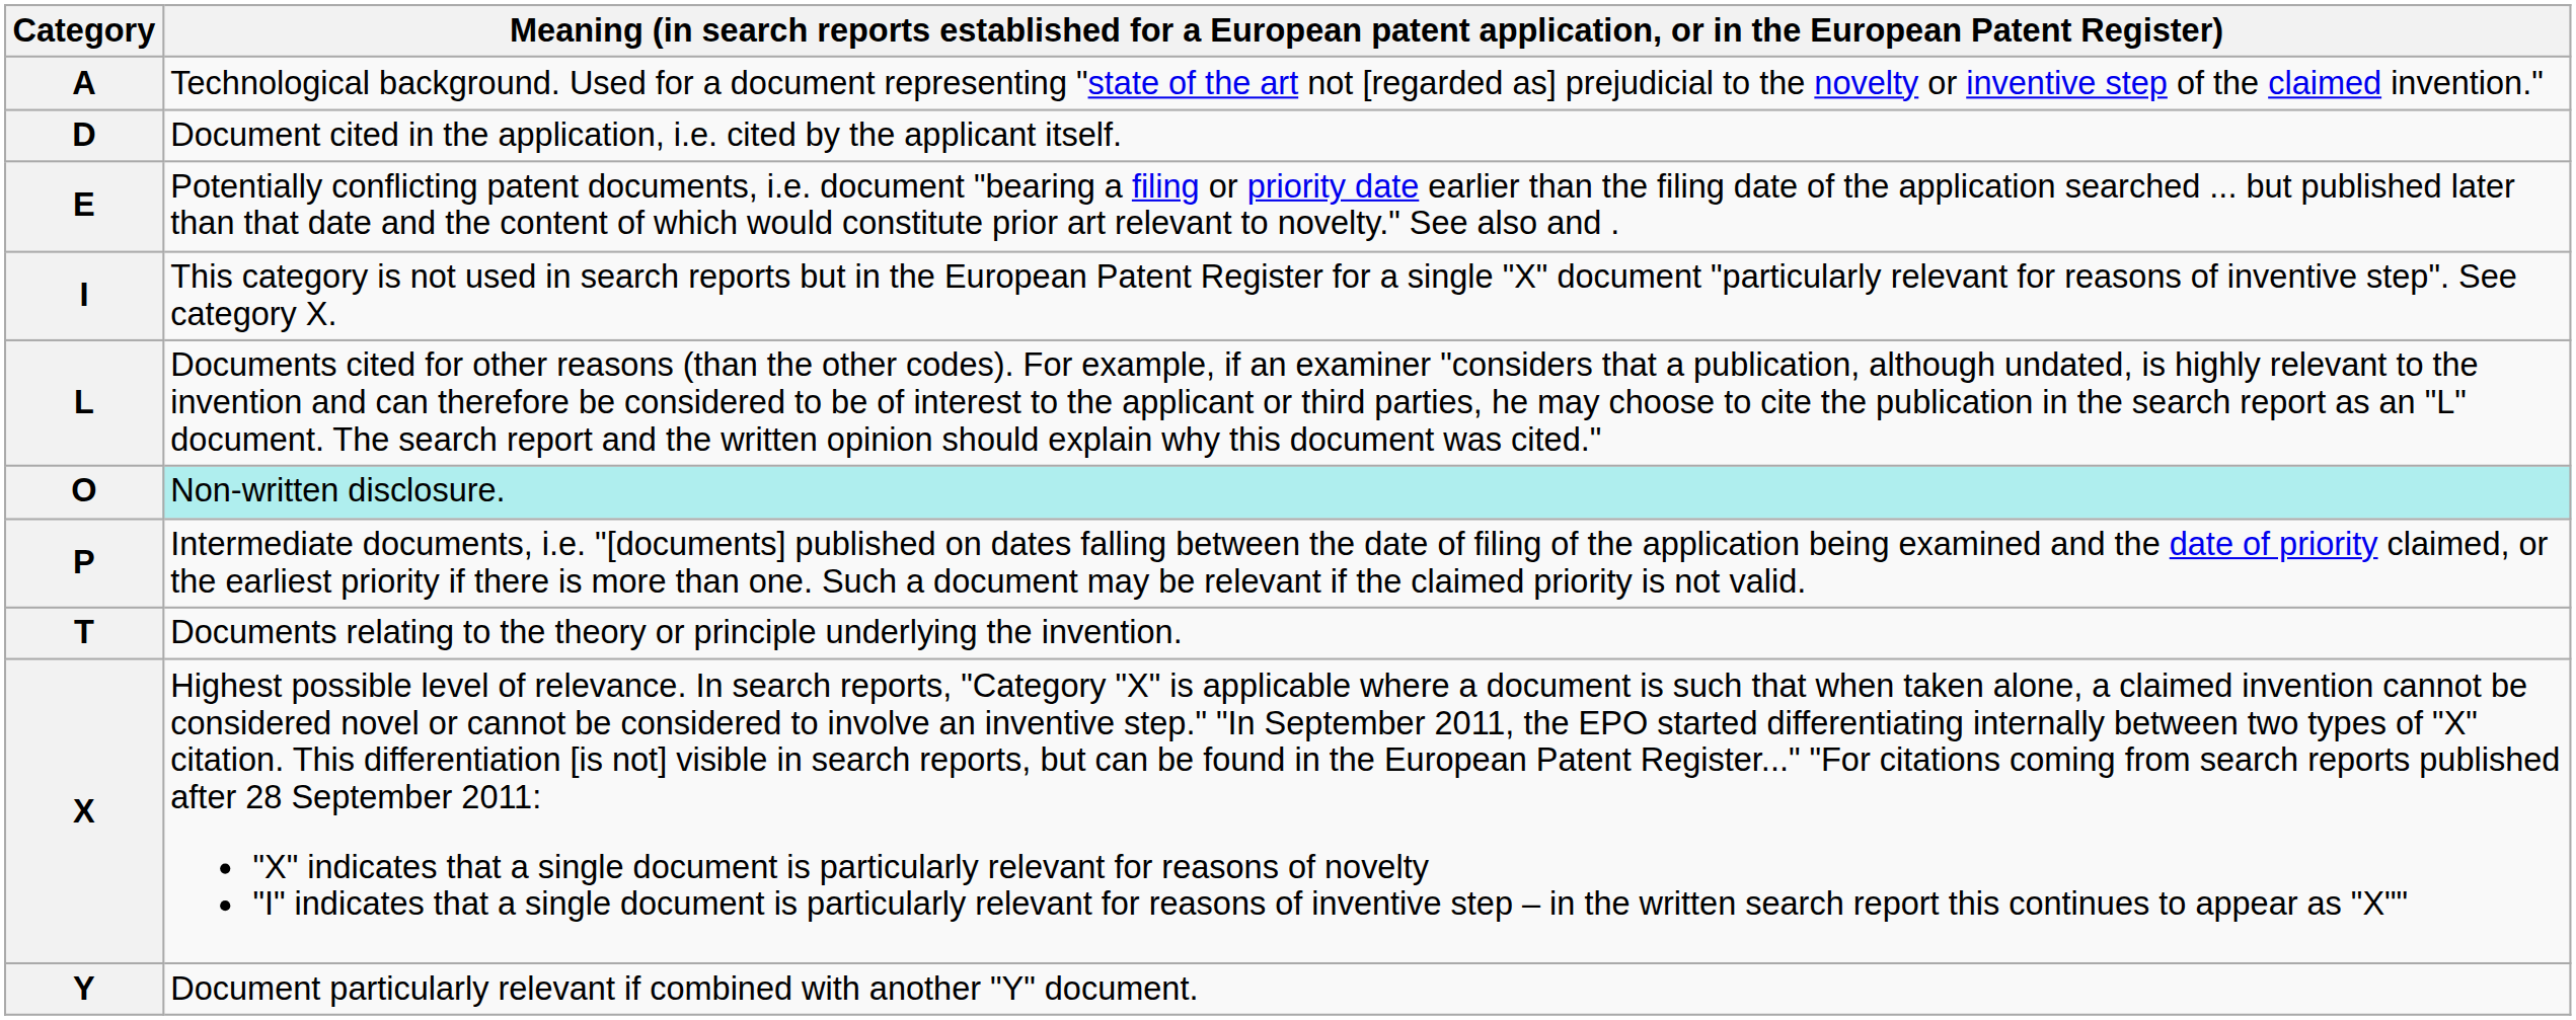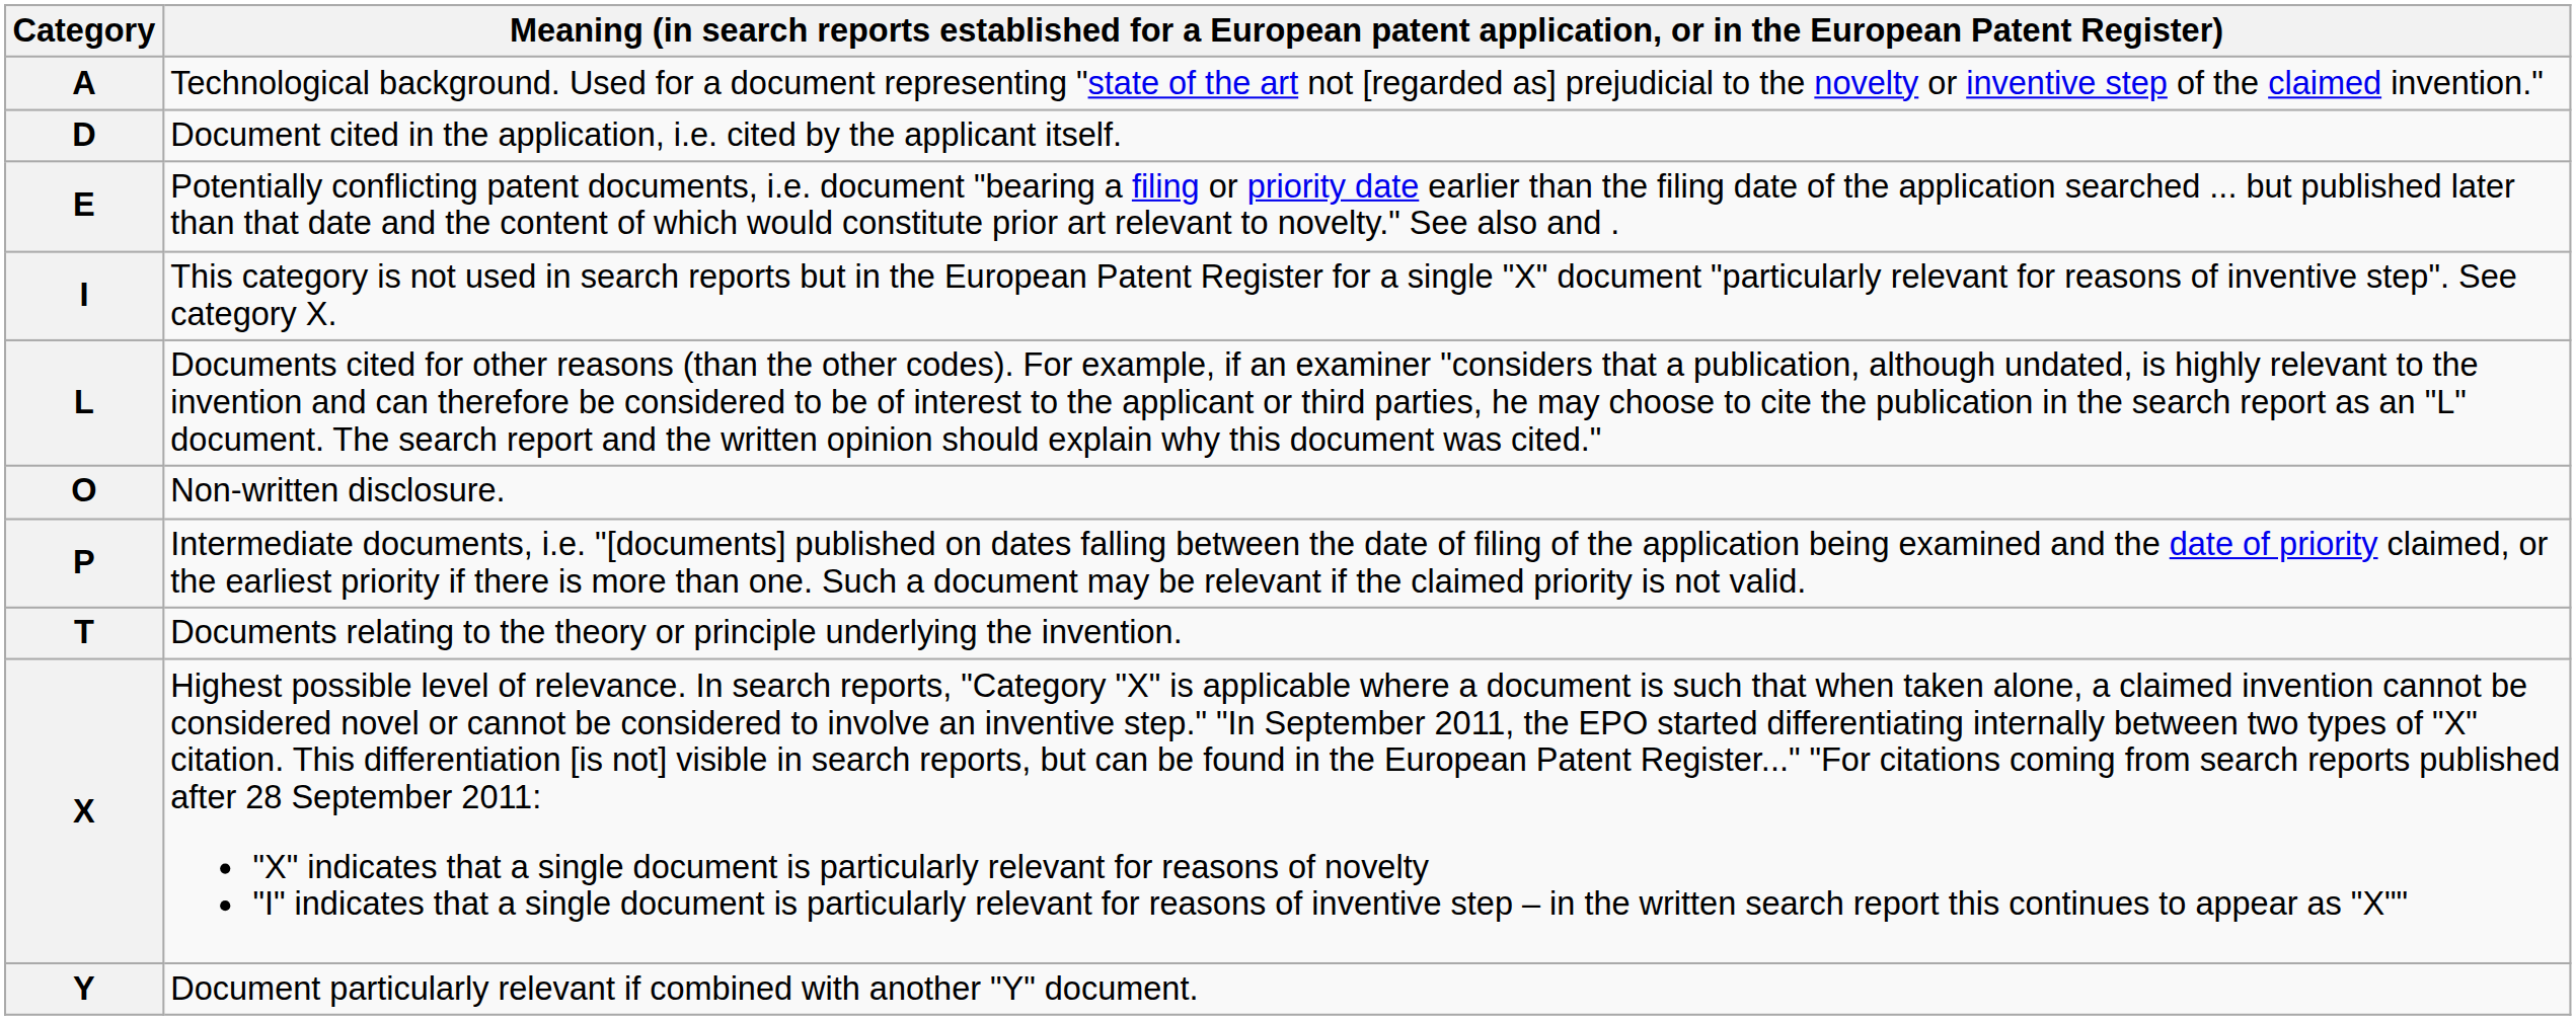 <table class="wikitable" border="1">
 <tr>
 <th>Category</th>
 <th>Meaning (in search reports established for a European patent application, or in the European Patent Register)</th>
 </tr>
 <tr>
 <th scope="row">A</th>
 <td>Technological background. Used for a document representing "<a href='#'>state of the art</a> not [regarded as] prejudicial to the <a href='#'>novelty</a> or <a href='#'>inventive step</a> of the <a href='#'>claimed</a> invention."</td>
 </tr>
 <tr>
 <th scope="row">D</th>
 <td>Document cited in the application, i.e. cited by the applicant itself.</td>
 </tr>
 <tr>
 <th scope="row">E</th>
 <td>Potentially conflicting patent documents, i.e. document "bearing a <a href='#'>filing</a> or <a href='#'>priority date</a> earlier than the filing date of the application searched ... but published later than that date and the content of which would constitute prior art relevant to novelty." See also  and .</td>
 </tr>
 <tr>
 <th scope="row">I</th>
 <td>This category is not used in search reports but in the European Patent Register for a single "X" document "particularly relevant for reasons of inventive step". See category X.</td>
 </tr>
 <tr>
 <th scope="row">L</th>
 <td>Documents cited for other reasons (than the other codes). For example, if an examiner "considers that a publication, although undated, is highly relevant to the invention and can therefore be considered to be of interest to the applicant or third parties, he may choose to cite the publication in the search report as an "L" document. The search report and the written opinion should explain why this document was cited."</td>
 </tr>
 <tr>
 <th scope="row">O</th>
-<td style="background: paleturquoise;">Non-written disclosure.</td>
+<td>Non-written disclosure.</td>
 </tr>
 <tr>
 <th scope="row">P</th>
 <td>Intermediate documents, i.e. "[documents] published on dates falling between the date of filing of the application being examined and the <a href='#'>date of priority</a> claimed, or the earliest priority if there is more than one. Such a document may be relevant if the claimed priority is not valid.</td>
 </tr>
 <tr>
 <th scope="row">T</th>
 <td>Documents relating to the theory or principle underlying the invention.</td>
 </tr>
 <tr>
 <th scope="row">X</th>
 <td>Highest possible level of relevance. In search reports, "Category "X" is applicable where a document is such that when taken alone, a claimed invention cannot be considered novel or cannot be considered to involve an inventive step." "In September 2011, the EPO started differentiating internally between two types of "X" citation. This differentiation [is not] visible in search reports, but can be found in the European Patent Register..." "For citations coming from search reports published after 28 September 2011:<br><ul><li>"X" indicates that a single document is particularly relevant for reasons of novelty</li><li>"I" indicates that a single document is particularly relevant for reasons of inventive step – in the written search report this continues to appear as "X""</li></ul></td>
 </tr>
 <tr>
 <th scope="row">Y</th>
 <td>Document particularly relevant if combined with another "Y" document.</td>
 </tr>
 </table>
